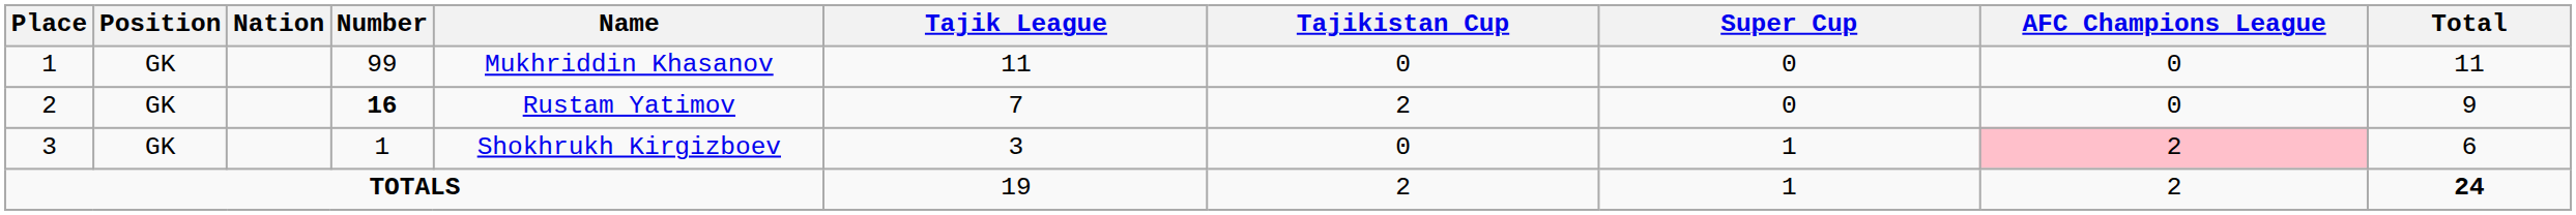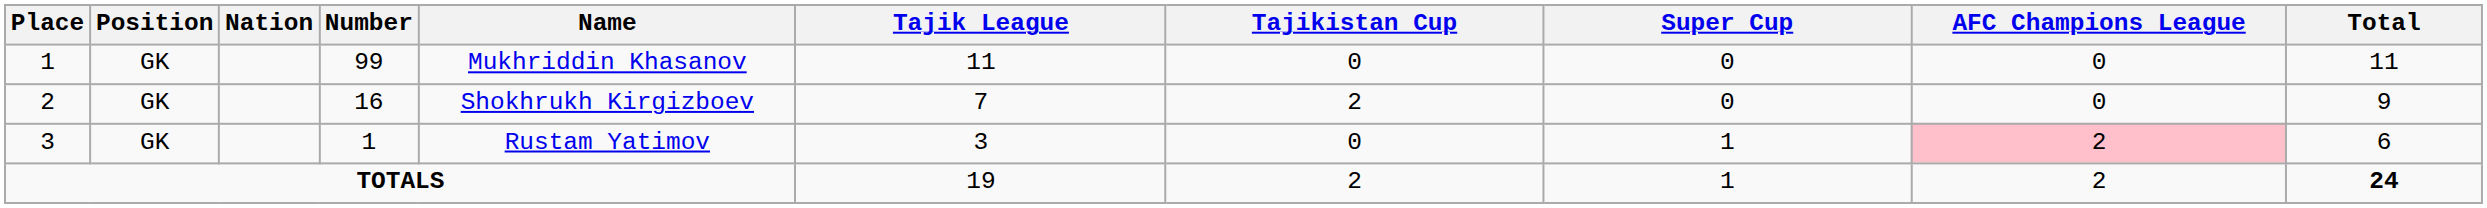 <table class="wikitable" style="font-size: 95%; text-align: center;">
 <tr>
 <th width=20>Place</th>
 <th width=20>Position</th>
 <th width=20>Nation</th>
 <th width=20>Number</th>
 <th width=200>Name</th>
 <th width=200><a href='#'>Tajik League</a></th>
 <th width=200><a href='#'>Tajikistan Cup</a></th>
 <th width=200><a href='#'>Super Cup</a></th>
 <th width=200><a href='#'>AFC Champions League</a></th>
 <th width=100><strong>Total</strong></th>
 </tr>
 <tr>
 <td>1</td>
 <td>GK</td>
 <td></td>
 <td>99</td>
 <td><a href='#'>Mukhriddin Khasanov</a></td>
 <td>11</td>
 <td>0</td>
 <td>0</td>
 <td>0</td>
 <td>11</td>
 </tr>
 <tr>
 <td>2</td>
 <td>GK</td>
 <td></td>
-<td><strong>16</strong></td>
-<td><a href='#'>Rustam Yatimov</a></td>
+<td>16</td>
+<td><a href='#'>Shokhrukh Kirgizboev</a></td>
 <td>7</td>
 <td>2</td>
 <td>0</td>
 <td>0</td>
 <td>9</td>
 </tr>
 <tr>
 <td>3</td>
 <td>GK</td>
 <td></td>
 <td>1</td>
-<td><a href='#'>Shokhrukh Kirgizboev</a></td>
+<td><a href='#'>Rustam Yatimov</a></td>
 <td>3</td>
 <td>0</td>
 <td>1</td>
 <td style="background: pink;">2</td>
 <td>6</td>
 </tr>
 <tr>
 <td colspan="5"><strong>TOTALS</strong></td>
 <td>19</td>
 <td>2</td>
 <td>1</td>
 <td>2</td>
 <td><strong>24</strong></td>
 </tr>
 </table>
